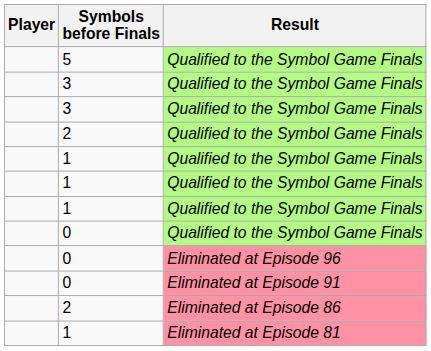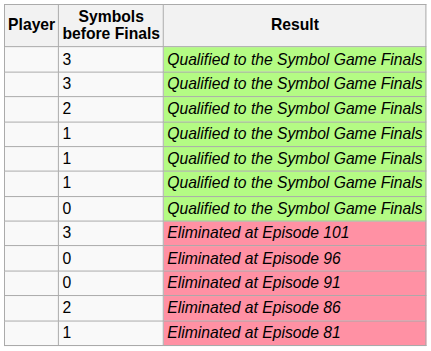 <table class="wikitable sortable">
 <tr>
 <th>Player</th>
 <th>Symbols <br> before Finals</th>
 <th>Result</th>
-</tr>
-<tr>
-<td></td>
-<td>5</td>
-<td style="background:#B4FB84"><em>Qualified to the Symbol Game Finals</em></td>
 </tr>
 <tr>
 <td></td>
 <td>3</td>
 <td style="background:#B4FB84"><em>Qualified to the Symbol Game Finals</em></td>
 </tr>
 <tr>
 <td></td>
 <td>3</td>
 <td style="background:#B4FB84"><em>Qualified to the Symbol Game Finals</em></td>
 </tr>
 <tr>
 <td></td>
 <td>2</td>
 <td style="background:#B4FB84"><em>Qualified to the Symbol Game Finals</em></td>
 </tr>
 <tr>
 <td></td>
 <td>1</td>
 <td style="background:#B4FB84"><em>Qualified to the Symbol Game Finals</em></td>
 </tr>
 <tr>
 <td></td>
 <td>1</td>
 <td style="background:#B4FB84"><em>Qualified to the Symbol Game Finals</em></td>
 </tr>
 <tr>
 <td></td>
 <td>1</td>
 <td style="background:#B4FB84"><em>Qualified to the Symbol Game Finals</em></td>
 </tr>
 <tr>
 <td></td>
 <td>0</td>
 <td style="background:#B4FB84"><em>Qualified to the Symbol Game Finals</em></td>
 </tr>
 <tr>
 <td></td>
+<td>3</td>
+<td style="background:#FF91A4"><em>Eliminated at Episode 101</em></td>
+</tr>
+<tr>
+<td></td>
 <td>0</td>
 <td style="background:#FF91A4"><em>Eliminated at Episode 96</em></td>
 </tr>
 <tr>
 <td></td>
 <td>0</td>
 <td style="background:#FF91A4"><em>Eliminated at Episode 91</em></td>
 </tr>
 <tr>
 <td></td>
 <td>2</td>
 <td style="background:#FF91A4"><em>Eliminated at Episode 86</em></td>
 </tr>
 <tr>
 <td></td>
 <td>1</td>
 <td style="background:#FF91A4"><em>Eliminated at Episode 81</em></td>
 </tr>
 <tr>
 </tr>
 </table>
